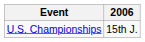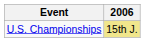 <table class="wikitable" style="text-align:center">
 <tr>
 <th>Event</th>
 <th>2006</th>
 </tr>
 <tr>
 <td align=left><a href='#'>U.S. Championships</a></td>
-<td>15th J.</td>
+<td style="background: khaki;">15th J.</td>
 </tr>
 </table>
